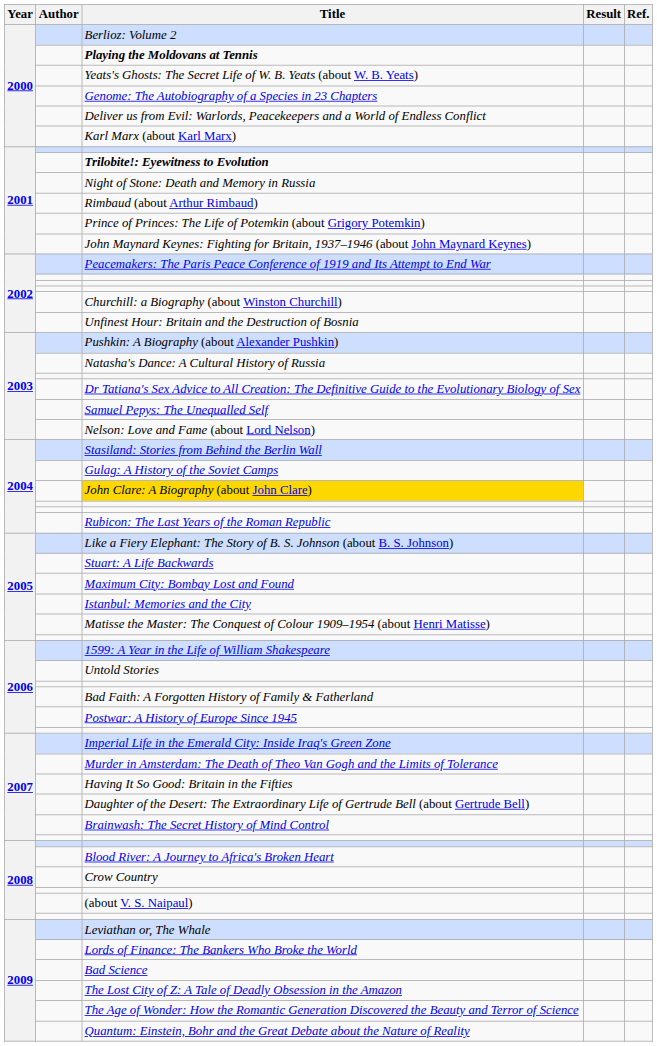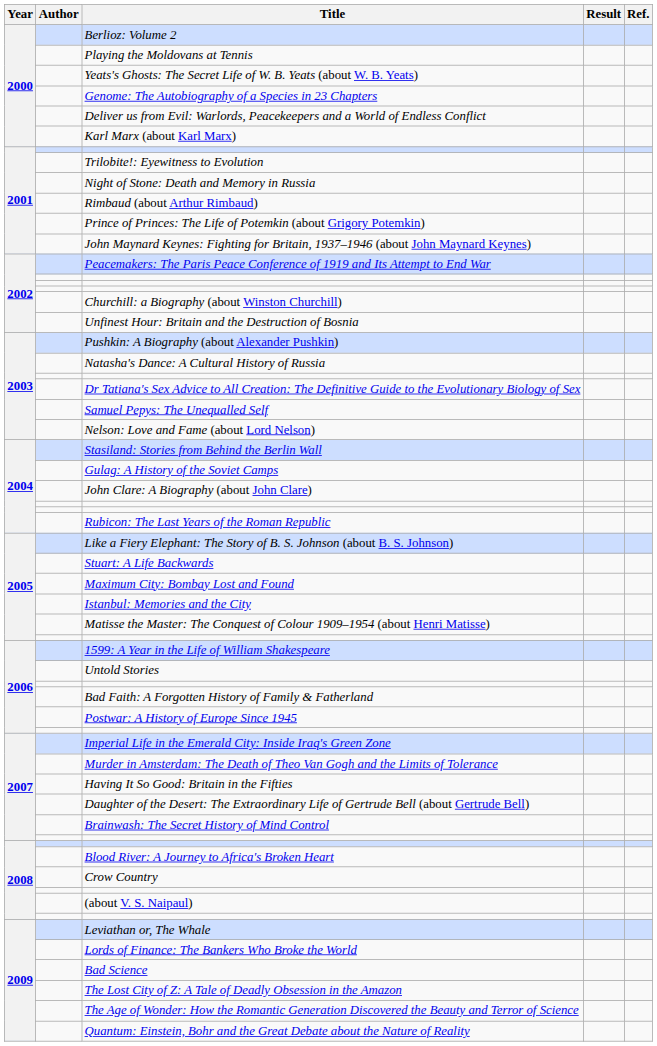 <table class="wikitable sortable mw-collapsible">
 <tr>
 <th>Year</th>
 <th>Author</th>
 <th>Title</th>
 <th>Result</th>
 <th>Ref.</th>
 </tr>
 <tr style="background:#cddeff">
 <th rowspan="6"><a href='#'>2000</a></th>
 <td></td>
 <td><em>Berlioz: Volume 2</em></td>
 <td></td>
 <td></td>
 </tr>
 <tr>
 <td></td>
-<td><strong><em>Playing the Moldovans at Tennis</em></strong></td>
+<td><em>Playing the Moldovans at Tennis</em></td>
 <td></td>
 <td></td>
 </tr>
 <tr>
 <td></td>
 <td><em>Yeats's Ghosts: The Secret Life of W. B. Yeats</em> (about <a href='#'>W. B. Yeats</a>)</td>
 <td></td>
 <td></td>
 </tr>
 <tr>
 <td></td>
 <td><em><a href='#'>Genome: The Autobiography of a Species in 23 Chapters</a></em></td>
 <td></td>
 <td></td>
 </tr>
 <tr>
 <td></td>
 <td><em>Deliver us from Evil: Warlords, Peacekeepers and a World of Endless Conflict</em></td>
 <td></td>
 <td></td>
 </tr>
 <tr>
 <td></td>
 <td><em>Karl Marx</em> (about <a href='#'>Karl Marx</a>)</td>
 <td></td>
 <td></td>
 </tr>
 <tr style="background:#cddeff">
 <th rowspan="6"><a href='#'>2001</a></th>
 <td></td>
 <td><em></em></td>
 <td></td>
 <td></td>
 </tr>
 <tr>
 <td></td>
-<td><strong><em>Trilobite!: Eyewitness to Evolution</em></strong></td>
+<td><em>Trilobite!: Eyewitness to Evolution</em></td>
 <td></td>
 <td></td>
 </tr>
 <tr>
 <td></td>
 <td><em>Night of Stone: Death and Memory in Russia</em></td>
 <td></td>
 <td></td>
 </tr>
 <tr>
 <td></td>
 <td><em>Rimbaud</em> (about <a href='#'>Arthur Rimbaud</a>)</td>
 <td></td>
 <td></td>
 </tr>
 <tr>
 <td></td>
 <td><em>Prince of Princes: The Life of Potemkin</em> (about <a href='#'>Grigory Potemkin</a>)</td>
 <td></td>
 <td></td>
 </tr>
 <tr>
 <td></td>
 <td><em>John Maynard Keynes: Fighting for Britain, 1937–1946</em> (about <a href='#'>John Maynard Keynes</a>)</td>
 <td></td>
 <td></td>
 </tr>
 <tr style="background:#cddeff">
 <th rowspan="6"><a href='#'>2002</a></th>
 <td></td>
 <td><em><a href='#'>Peacemakers: The Paris Peace Conference of 1919 and Its Attempt to End War</a></em></td>
 <td></td>
 <td></td>
 </tr>
 <tr>
 <td></td>
 <td><em></em></td>
 <td></td>
 <td></td>
 </tr>
 <tr>
 <td></td>
 <td><em></em></td>
 <td></td>
 <td></td>
 </tr>
 <tr>
 <td></td>
 <td><em></em></td>
 <td></td>
 <td></td>
 </tr>
 <tr>
 <td></td>
 <td><em>Churchill: a Biography</em> (about <a href='#'>Winston Churchill</a>)</td>
 <td></td>
 <td></td>
 </tr>
 <tr>
 <td></td>
 <td><em>Unfinest Hour: Britain and the Destruction of Bosnia</em></td>
 <td></td>
 <td></td>
 </tr>
 <tr style="background:#cddeff">
 <th rowspan="6"><a href='#'>2003</a></th>
 <td></td>
 <td><em>Pushkin: A Biography</em> (about <a href='#'>Alexander Pushkin</a>)</td>
 <td></td>
 <td></td>
 </tr>
 <tr>
 <td></td>
 <td><em>Natasha's Dance: A Cultural History of Russia</em></td>
 <td></td>
 <td></td>
 </tr>
 <tr>
 <td></td>
 <td><em></em></td>
 <td></td>
 <td></td>
 </tr>
 <tr>
 <td></td>
 <td><em><a href='#'>Dr Tatiana's Sex Advice to All Creation: The Definitive Guide to the Evolutionary Biology of Sex</a></em></td>
 <td></td>
 <td></td>
 </tr>
 <tr>
 <td></td>
 <td><em><a href='#'>Samuel Pepys: The Unequalled Self</a></em></td>
 <td></td>
 <td></td>
 </tr>
 <tr>
 <td></td>
 <td><em>Nelson: Love and Fame</em> (about <a href='#'>Lord Nelson</a>)</td>
 <td></td>
 <td></td>
 </tr>
 <tr style="background:#cddeff">
 <th rowspan="6"><a href='#'>2004</a></th>
 <td></td>
 <td><em><a href='#'>Stasiland: Stories from Behind the Berlin Wall</a></em></td>
 <td></td>
 <td></td>
 </tr>
 <tr>
 <td></td>
 <td><em><a href='#'>Gulag: A History of the Soviet Camps</a></em></td>
 <td></td>
 <td></td>
 </tr>
 <tr>
 <td></td>
-<td style="background: gold;"><em>John Clare: A Biography</em> (about <a href='#'>John Clare</a>)</td>
+<td><em>John Clare: A Biography</em> (about <a href='#'>John Clare</a>)</td>
 <td></td>
 <td></td>
 </tr>
 <tr>
 <td></td>
 <td><em></em></td>
 <td></td>
 <td></td>
 </tr>
 <tr>
 <td></td>
 <td><em></em></td>
 <td></td>
 <td></td>
 </tr>
 <tr>
 <td></td>
 <td><em><a href='#'>Rubicon: The Last Years of the Roman Republic</a></em></td>
 <td></td>
 <td></td>
 </tr>
 <tr style="background:#cddeff">
 <th rowspan="6"><a href='#'>2005</a></th>
 <td></td>
 <td><em>Like a Fiery Elephant: The Story of B. S. Johnson</em> (about <a href='#'>B. S. Johnson</a>)</td>
 <td></td>
 <td></td>
 </tr>
 <tr>
 <td></td>
 <td><em><a href='#'>Stuart: A Life Backwards</a></em></td>
 <td></td>
 <td></td>
 </tr>
 <tr>
 <td></td>
 <td><em><a href='#'>Maximum City: Bombay Lost and Found</a></em></td>
 <td></td>
 <td></td>
 </tr>
 <tr>
 <td></td>
 <td><em><a href='#'>Istanbul: Memories and the City</a></em></td>
 <td></td>
 <td></td>
 </tr>
 <tr>
 <td></td>
 <td><em>Matisse the Master: The Conquest of Colour 1909–1954</em> (about <a href='#'>Henri Matisse</a>)</td>
 <td></td>
 <td></td>
 </tr>
 <tr>
 <td></td>
 <td><em></em></td>
 <td></td>
 <td></td>
 </tr>
 <tr style="background:#cddeff">
 <th rowspan="6"><a href='#'>2006</a></th>
 <td></td>
 <td><em><a href='#'>1599: A Year in the Life of William Shakespeare</a></em></td>
 <td></td>
 <td></td>
 </tr>
 <tr>
 <td></td>
 <td><em>Untold Stories</em></td>
 <td></td>
 <td></td>
 </tr>
 <tr>
 <td></td>
 <td><em></em></td>
 <td></td>
 <td></td>
 </tr>
 <tr>
 <td></td>
 <td><em>Bad Faith: A Forgotten History of Family & Fatherland</em></td>
 <td></td>
 <td></td>
 </tr>
 <tr>
 <td></td>
 <td><em><a href='#'>Postwar: A History of Europe Since 1945</a></em></td>
 <td></td>
 <td></td>
 </tr>
 <tr>
 <td></td>
 <td><em></em></td>
 <td></td>
 <td></td>
 </tr>
 <tr style="background:#cddeff">
 <th rowspan="6"><a href='#'>2007</a></th>
 <td></td>
 <td><em><a href='#'>Imperial Life in the Emerald City: Inside Iraq's Green Zone</a></em></td>
 <td></td>
 <td></td>
 </tr>
 <tr>
 <td></td>
 <td><em><a href='#'>Murder in Amsterdam: The Death of Theo Van Gogh and the Limits of Tolerance</a></em></td>
 <td></td>
 <td></td>
 </tr>
 <tr>
 <td></td>
 <td><em>Having It So Good: Britain in the Fifties</em></td>
 <td></td>
 <td></td>
 </tr>
 <tr>
 <td></td>
 <td><em>Daughter of the Desert: The Extraordinary Life of Gertrude Bell</em> (about <a href='#'>Gertrude Bell</a>)</td>
 <td></td>
 <td></td>
 </tr>
 <tr>
 <td></td>
 <td><em><a href='#'>Brainwash: The Secret History of Mind Control</a></em></td>
 <td></td>
 <td></td>
 </tr>
 <tr>
 <td></td>
 <td><em></em></td>
 <td></td>
 <td></td>
 </tr>
 <tr style="background:#cddeff">
 <th rowspan="6"><a href='#'>2008</a></th>
 <td></td>
 <td><em></em></td>
 <td></td>
 <td></td>
 </tr>
 <tr>
 <td></td>
 <td><em><a href='#'>Blood River: A Journey to Africa's Broken Heart</a></em></td>
 <td></td>
 <td></td>
 </tr>
 <tr>
 <td></td>
 <td><em>Crow Country</em></td>
 <td></td>
 <td></td>
 </tr>
 <tr>
 <td></td>
 <td><em></em></td>
 <td></td>
 <td></td>
 </tr>
 <tr>
 <td></td>
 <td><em></em> (about <a href='#'>V. S. Naipaul</a>)</td>
 <td></td>
 <td></td>
 </tr>
 <tr>
 <td></td>
 <td><em></em></td>
 <td></td>
 <td></td>
 </tr>
 <tr style="background:#cddeff">
 <th rowspan="6"><a href='#'>2009</a></th>
 <td></td>
 <td><em>Leviathan or, The Whale</em></td>
 <td></td>
 <td></td>
 </tr>
 <tr>
 <td></td>
 <td><em><a href='#'>Lords of Finance: The Bankers Who Broke the World</a></em></td>
 <td></td>
 <td></td>
 </tr>
 <tr>
 <td></td>
 <td><em><a href='#'>Bad Science</a></em></td>
 <td></td>
 <td></td>
 </tr>
 <tr>
 <td></td>
 <td><em><a href='#'>The Lost City of Z: A Tale of Deadly Obsession in the Amazon</a></em></td>
 <td></td>
 <td></td>
 </tr>
 <tr>
 <td></td>
 <td><em><a href='#'>The Age of Wonder: How the Romantic Generation Discovered the Beauty and Terror of Science</a></em></td>
 <td></td>
 <td></td>
 </tr>
 <tr>
 <td></td>
 <td><em><a href='#'>Quantum: Einstein, Bohr and the Great Debate about the Nature of Reality</a></em></td>
 <td></td>
 <td></td>
 </tr>
 </table>
